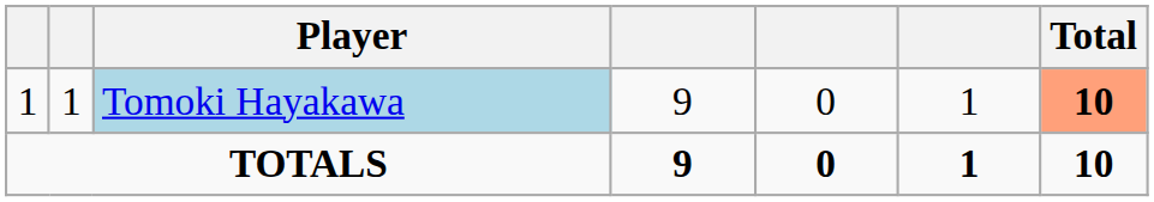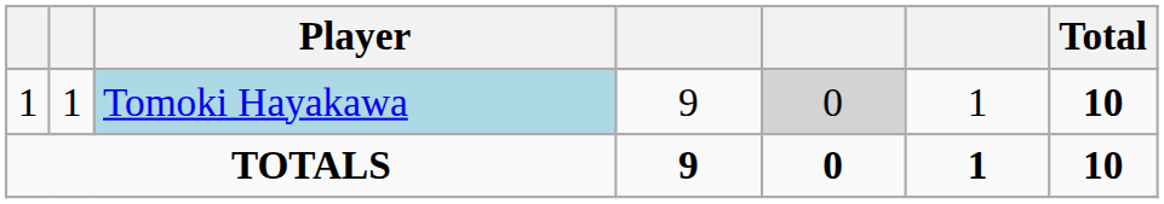 <table class="wikitable sortable" style="text-align:center">
 <tr>
 <th width=10></th>
 <th width=10></th>
 <th width=200>Player</th>
 <th width=50></th>
 <th width=50></th>
 <th width=50></th>
 <th>Total</th>
 </tr>
 <tr>
 <td>1</td>
 <td>1</td>
 <td align="left" style="background: lightblue;"> <a href='#'>Tomoki Hayakawa</a></td>
 <td>9</td>
-<td>0</td>
+<td style="background: lightgrey;">0</td>
 <td>1</td>
-<td style="background: lightsalmon;"><strong>10</strong></td>
+<td><strong>10</strong></td>
 </tr>
 <tr>
 <td colspan="3"><strong>TOTALS</strong></td>
 <td><strong>9</strong></td>
 <td><strong>0</strong></td>
 <td><strong>1</strong></td>
 <td><strong>10</strong></td>
 </tr>
 </table>
